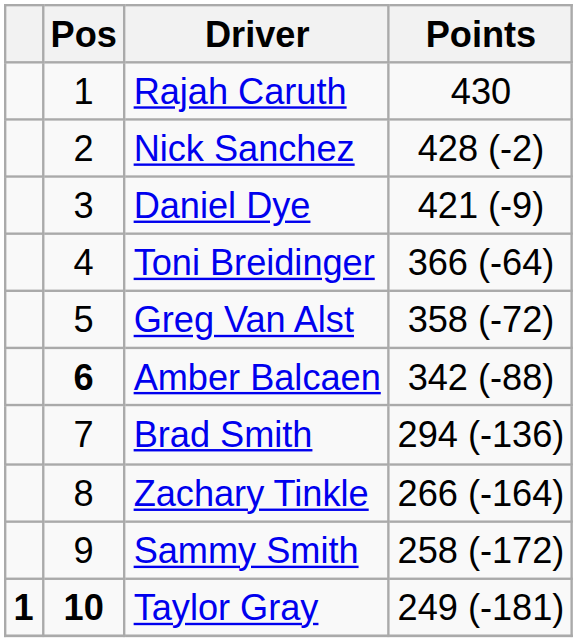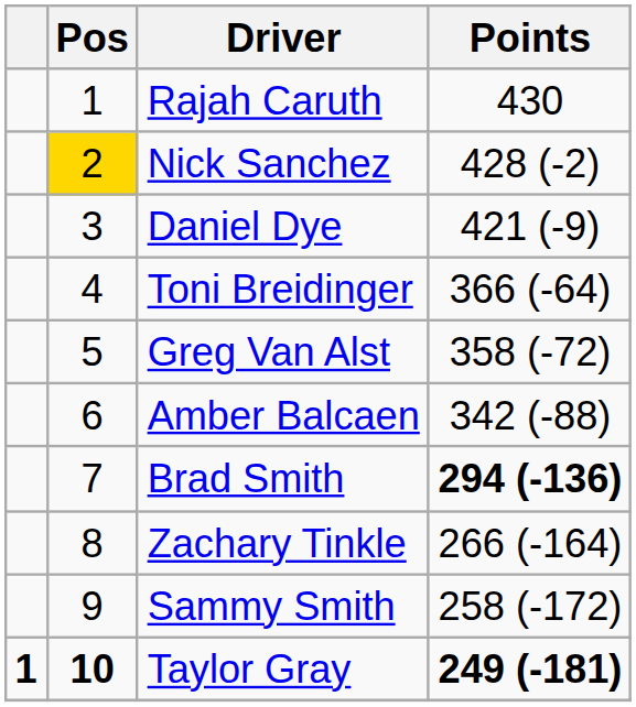 <table class="wikitable" style="font-size: 95%;">
 <tr>
 <th></th>
 <th>Pos</th>
 <th>Driver</th>
 <th>Points</th>
 </tr>
 <tr>
 <td align="left"></td>
 <td style="text-align:center;">1</td>
 <td><a href='#'>Rajah Caruth</a></td>
 <td style="text-align:center;">430</td>
 </tr>
 <tr>
 <td align="left"></td>
-<td style="text-align:center;">2</td>
+<td style="background: gold; text-align:center;">2</td>
 <td><a href='#'>Nick Sanchez</a></td>
 <td style="text-align:center;">428 (-2)</td>
 </tr>
 <tr>
 <td align="left"></td>
 <td style="text-align:center;">3</td>
 <td><a href='#'>Daniel Dye</a></td>
 <td style="text-align:center;">421 (-9)</td>
 </tr>
 <tr>
 <td align="left"></td>
 <td style="text-align:center;">4</td>
 <td><a href='#'>Toni Breidinger</a></td>
 <td style="text-align:center;">366 (-64)</td>
 </tr>
 <tr>
 <td align="left"></td>
 <td style="text-align:center;">5</td>
 <td><a href='#'>Greg Van Alst</a></td>
 <td style="text-align:center;">358 (-72)</td>
 </tr>
 <tr>
 <td align="left"></td>
-<td style="text-align:center;"><strong>6</strong></td>
+<td style="text-align:center;">6</td>
 <td><a href='#'>Amber Balcaen</a></td>
 <td style="text-align:center;">342 (-88)</td>
 </tr>
 <tr>
 <td align="left"></td>
 <td style="text-align:center;">7</td>
 <td><a href='#'>Brad Smith</a></td>
-<td style="text-align:center;">294 (-136)</td>
+<td style="text-align:center;"><strong>294 (-136)</strong></td>
 </tr>
 <tr>
 <td align="left"></td>
 <td style="text-align:center;">8</td>
 <td><a href='#'>Zachary Tinkle</a></td>
 <td style="text-align:center;">266 (-164)</td>
 </tr>
 <tr>
 <td align="left"></td>
 <td style="text-align:center;">9</td>
 <td><a href='#'>Sammy Smith</a></td>
 <td style="text-align:center;">258 (-172)</td>
 </tr>
 <tr>
 <td align="left"> <strong>1</strong></td>
 <td style="text-align:center;"><strong>10</strong></td>
 <td><a href='#'>Taylor Gray</a></td>
-<td style="text-align:center;">249 (-181)</td>
+<td style="text-align:center;"><strong>249 (-181)</strong></td>
 </tr>
 <tr class="sortbottom">
 </tr>
 </table>
